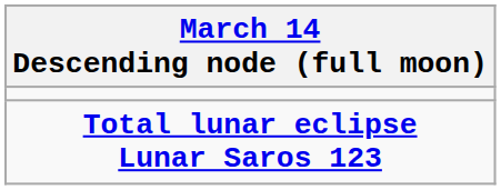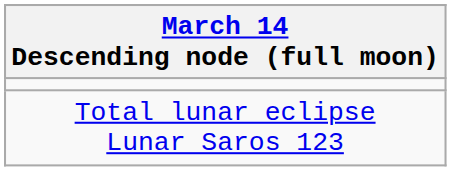 <table class="wikitable">
 <tr>
 <th><a href='#'>March 14</a><br>Descending node (full moon)<br></th>
 </tr>
 <tr>
 <td></td>
 </tr>
 <tr align=center>
-<td><strong><a href='#'>Total lunar eclipse</a><br><a href='#'>Lunar Saros 123</a></strong></td>
+<td><a href='#'>Total lunar eclipse</a><br><a href='#'>Lunar Saros 123</a></td>
 </tr>
 </table>
